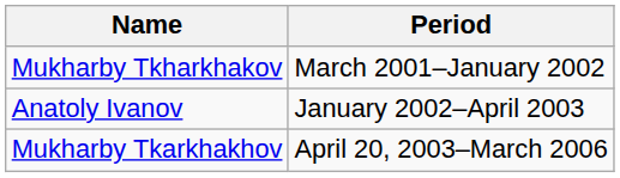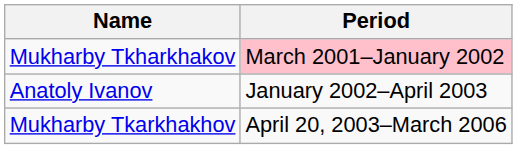 <table class="wikitable">
 <tr>
 <th>Name</th>
 <th>Period</th>
 </tr>
 <tr>
 <td><a href='#'>Mukharby Tkharkhakov</a></td>
-<td>March 2001–January 2002</td>
+<td style="background: pink;">March 2001–January 2002</td>
 </tr>
 <tr>
 <td><a href='#'>Anatoly Ivanov</a></td>
 <td>January 2002–April 2003</td>
 </tr>
 <tr>
 <td><a href='#'>Mukharby Tkarkhakhov</a></td>
 <td>April 20, 2003–March 2006</td>
 </tr>
 </table>
